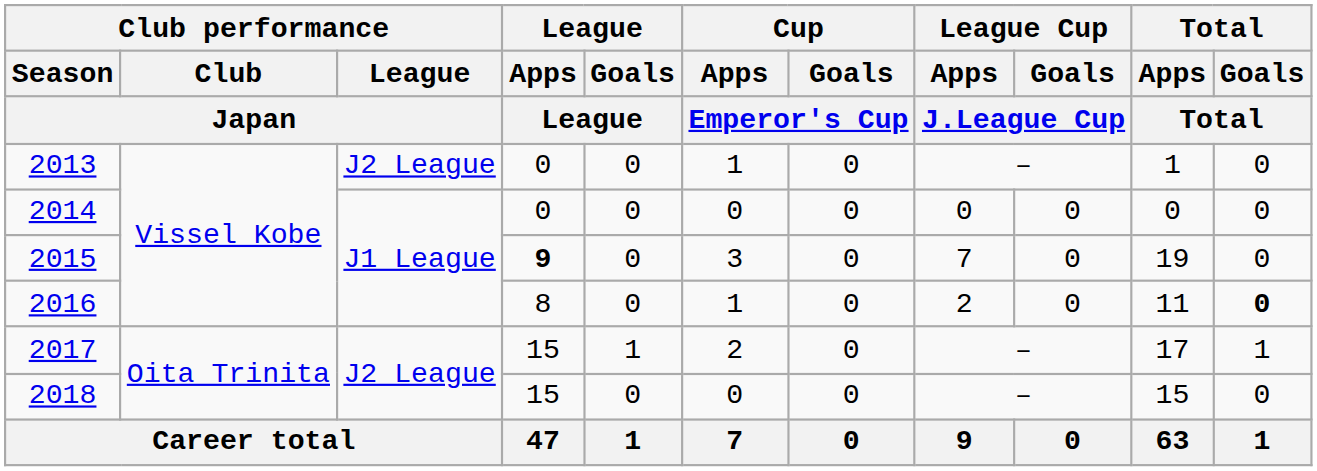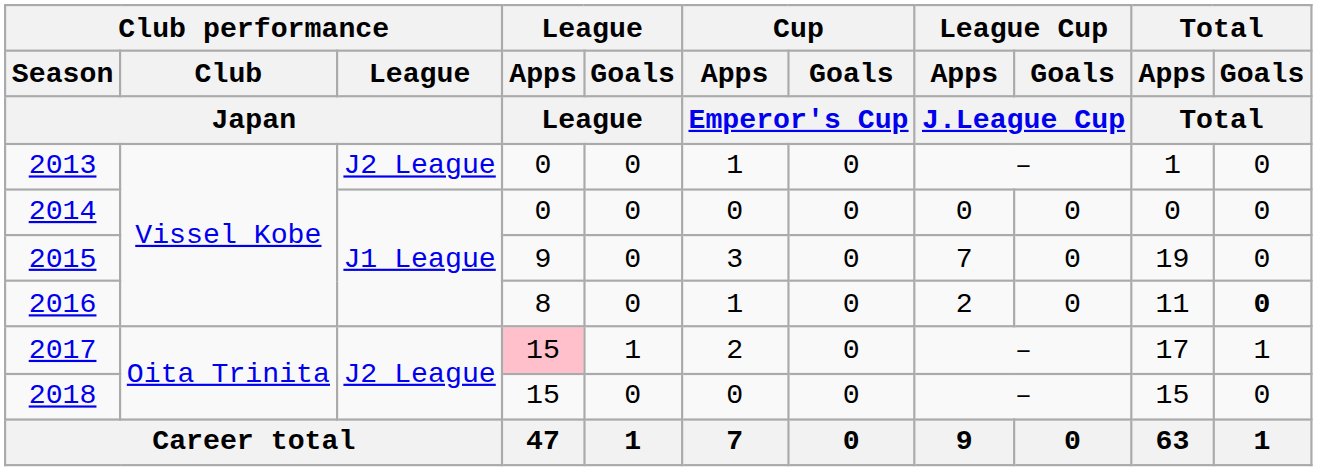 <table class="wikitable" style="text-align:center">
 <tr>
 <th colspan=3>Club performance</th>
 <th colspan=2>League</th>
 <th colspan=2>Cup</th>
 <th colspan=2>League Cup</th>
 <th colspan=2>Total</th>
 </tr>
 <tr>
 <th>Season</th>
 <th>Club</th>
 <th>League</th>
 <th>Apps</th>
 <th>Goals</th>
 <th>Apps</th>
 <th>Goals</th>
 <th>Apps</th>
 <th>Goals</th>
 <th>Apps</th>
 <th>Goals</th>
 </tr>
 <tr>
 <th colspan=3>Japan</th>
 <th colspan=2>League</th>
 <th colspan=2><a href='#'>Emperor's Cup</a></th>
 <th colspan=2><a href='#'>J.League Cup</a></th>
 <th colspan=2>Total</th>
 </tr>
 <tr>
 <td><a href='#'>2013</a></td>
 <td rowspan="4"><a href='#'>Vissel Kobe</a></td>
 <td><a href='#'>J2 League</a></td>
 <td>0</td>
 <td>0</td>
 <td>1</td>
 <td>0</td>
 <td colspan="2">–</td>
 <td>1</td>
 <td>0</td>
 </tr>
 <tr>
 <td><a href='#'>2014</a></td>
 <td rowspan="3"><a href='#'>J1 League</a></td>
 <td>0</td>
 <td>0</td>
 <td>0</td>
 <td>0</td>
 <td>0</td>
 <td>0</td>
 <td>0</td>
 <td>0</td>
 </tr>
 <tr>
 <td><a href='#'>2015</a></td>
-<td><strong>9</strong></td>
+<td>9</td>
 <td>0</td>
 <td>3</td>
 <td>0</td>
 <td>7</td>
 <td>0</td>
 <td>19</td>
 <td>0</td>
 </tr>
 <tr>
 <td><a href='#'>2016</a></td>
 <td>8</td>
 <td>0</td>
 <td>1</td>
 <td>0</td>
 <td>2</td>
 <td>0</td>
 <td>11</td>
 <td><strong>0</strong></td>
 </tr>
 <tr>
 <td><a href='#'>2017</a></td>
 <td rowspan="2"><a href='#'>Oita Trinita</a></td>
 <td rowspan="2"><a href='#'>J2 League</a></td>
-<td>15</td>
+<td style="background: pink;">15</td>
 <td>1</td>
 <td>2</td>
 <td>0</td>
 <td colspan="2">–</td>
 <td>17</td>
 <td>1</td>
 </tr>
 <tr>
 <td><a href='#'>2018</a></td>
 <td>15</td>
 <td>0</td>
 <td>0</td>
 <td>0</td>
 <td colspan="2">–</td>
 <td>15</td>
 <td>0</td>
 </tr>
 <tr>
 <th colspan=3>Career total</th>
 <th>47</th>
 <th>1</th>
 <th>7</th>
 <th>0</th>
 <th>9</th>
 <th>0</th>
 <th>63</th>
 <th>1</th>
 </tr>
 </table>
